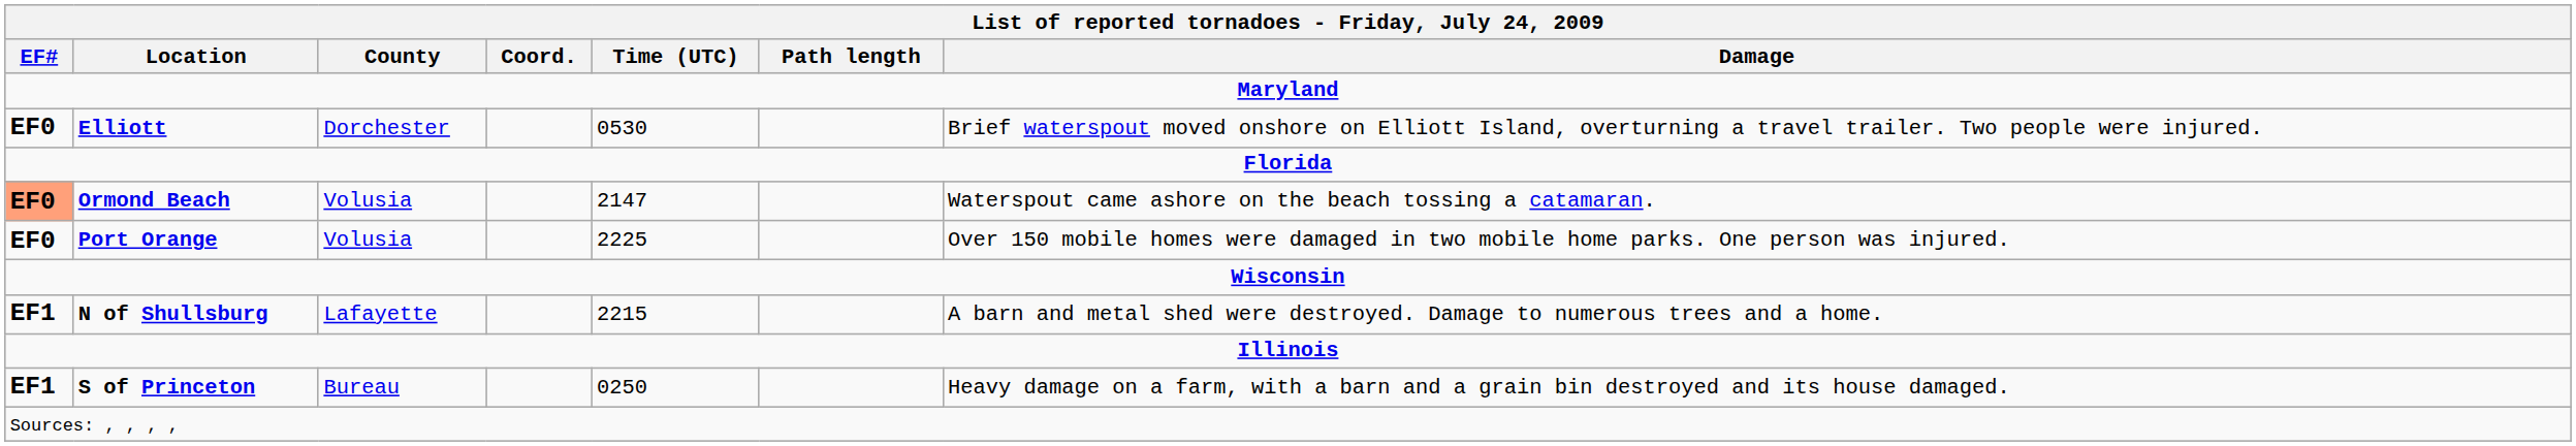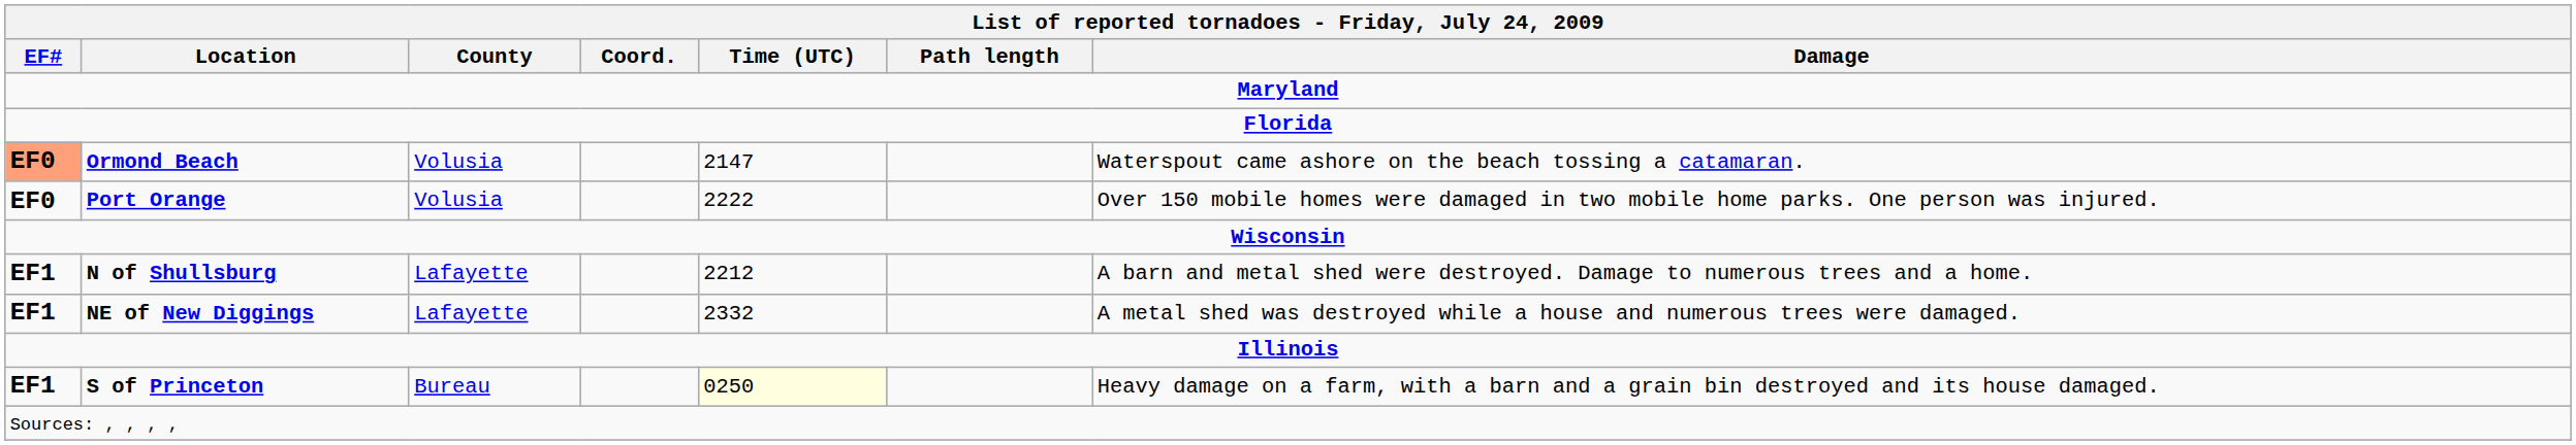 <table class="wikitable collapsible" style="width:100%;">
 <tr>
 <th colspan="7">List of reported tornadoes - Friday, July 24, 2009</th>
 </tr>
 <tr>
 <th><a href='#'>EF#</a></th>
 <th>Location</th>
 <th>County</th>
 <th>Coord.</th>
 <th>Time (UTC)</th>
 <th>Path length</th>
 <th>Damage</th>
 </tr>
 <tr>
 <td colspan="7" style="text-align:center;"><strong><a href='#'>Maryland</a></strong></td>
-</tr>
-<tr>
-<td><big><strong>EF0</strong></big></td>
-<td><strong><a href='#'>Elliott</a></strong></td>
-<td><a href='#'>Dorchester</a></td>
-<td></td>
-<td>0530</td>
-<td></td>
-<td>Brief <a href='#'>waterspout</a> moved onshore on Elliott Island, overturning a travel trailer. Two people were injured.</td>
 </tr>
 <tr>
 <td colspan="7" style="text-align:center;"><strong><a href='#'>Florida</a></strong></td>
 </tr>
 <tr>
 <td style="background: lightsalmon;"><big><strong>EF0</strong></big></td>
 <td><strong><a href='#'>Ormond Beach</a></strong></td>
 <td><a href='#'>Volusia</a></td>
 <td></td>
 <td>2147</td>
 <td></td>
 <td>Waterspout came ashore on the beach tossing a <a href='#'>catamaran</a>.</td>
 </tr>
 <tr>
 <td><big><strong>EF0</strong></big></td>
 <td><strong><a href='#'>Port Orange</a></strong></td>
 <td><a href='#'>Volusia</a></td>
 <td></td>
-<td>2225</td>
+<td>2222</td>
 <td></td>
 <td>Over 150 mobile homes were damaged in two mobile home parks. One person was injured.</td>
 </tr>
 <tr>
 <td colspan="7" style="text-align:center;"><strong><a href='#'>Wisconsin</a></strong></td>
 </tr>
 <tr>
 <td><big><strong>EF1</strong></big></td>
 <td><strong>N of <a href='#'>Shullsburg</a></strong></td>
 <td><a href='#'>Lafayette</a></td>
 <td></td>
-<td>2215</td>
+<td>2212</td>
 <td></td>
 <td>A barn and metal shed were destroyed. Damage to numerous trees and a home.</td>
+</tr>
+<tr>
+<td><big><strong>EF1</strong></big></td>
+<td><strong>NE of <a href='#'>New Diggings</a></strong></td>
+<td><a href='#'>Lafayette</a></td>
+<td></td>
+<td>2332</td>
+<td></td>
+<td>A metal shed was destroyed while a house and numerous trees were damaged.</td>
 </tr>
 <tr>
 <td colspan="7" style="text-align:center;"><strong><a href='#'>Illinois</a></strong></td>
 </tr>
 <tr>
 <td><big><strong>EF1</strong></big></td>
 <td><strong>S of <a href='#'>Princeton</a></strong></td>
 <td><a href='#'>Bureau</a></td>
 <td></td>
-<td>0250</td>
+<td style="background: lightyellow;">0250</td>
 <td></td>
 <td>Heavy damage on a farm, with a barn and a grain bin destroyed and its house damaged.</td>
 </tr>
 <tr>
 <td colspan="7"><small>Sources: , , , , </small></td>
 </tr>
 </table>
